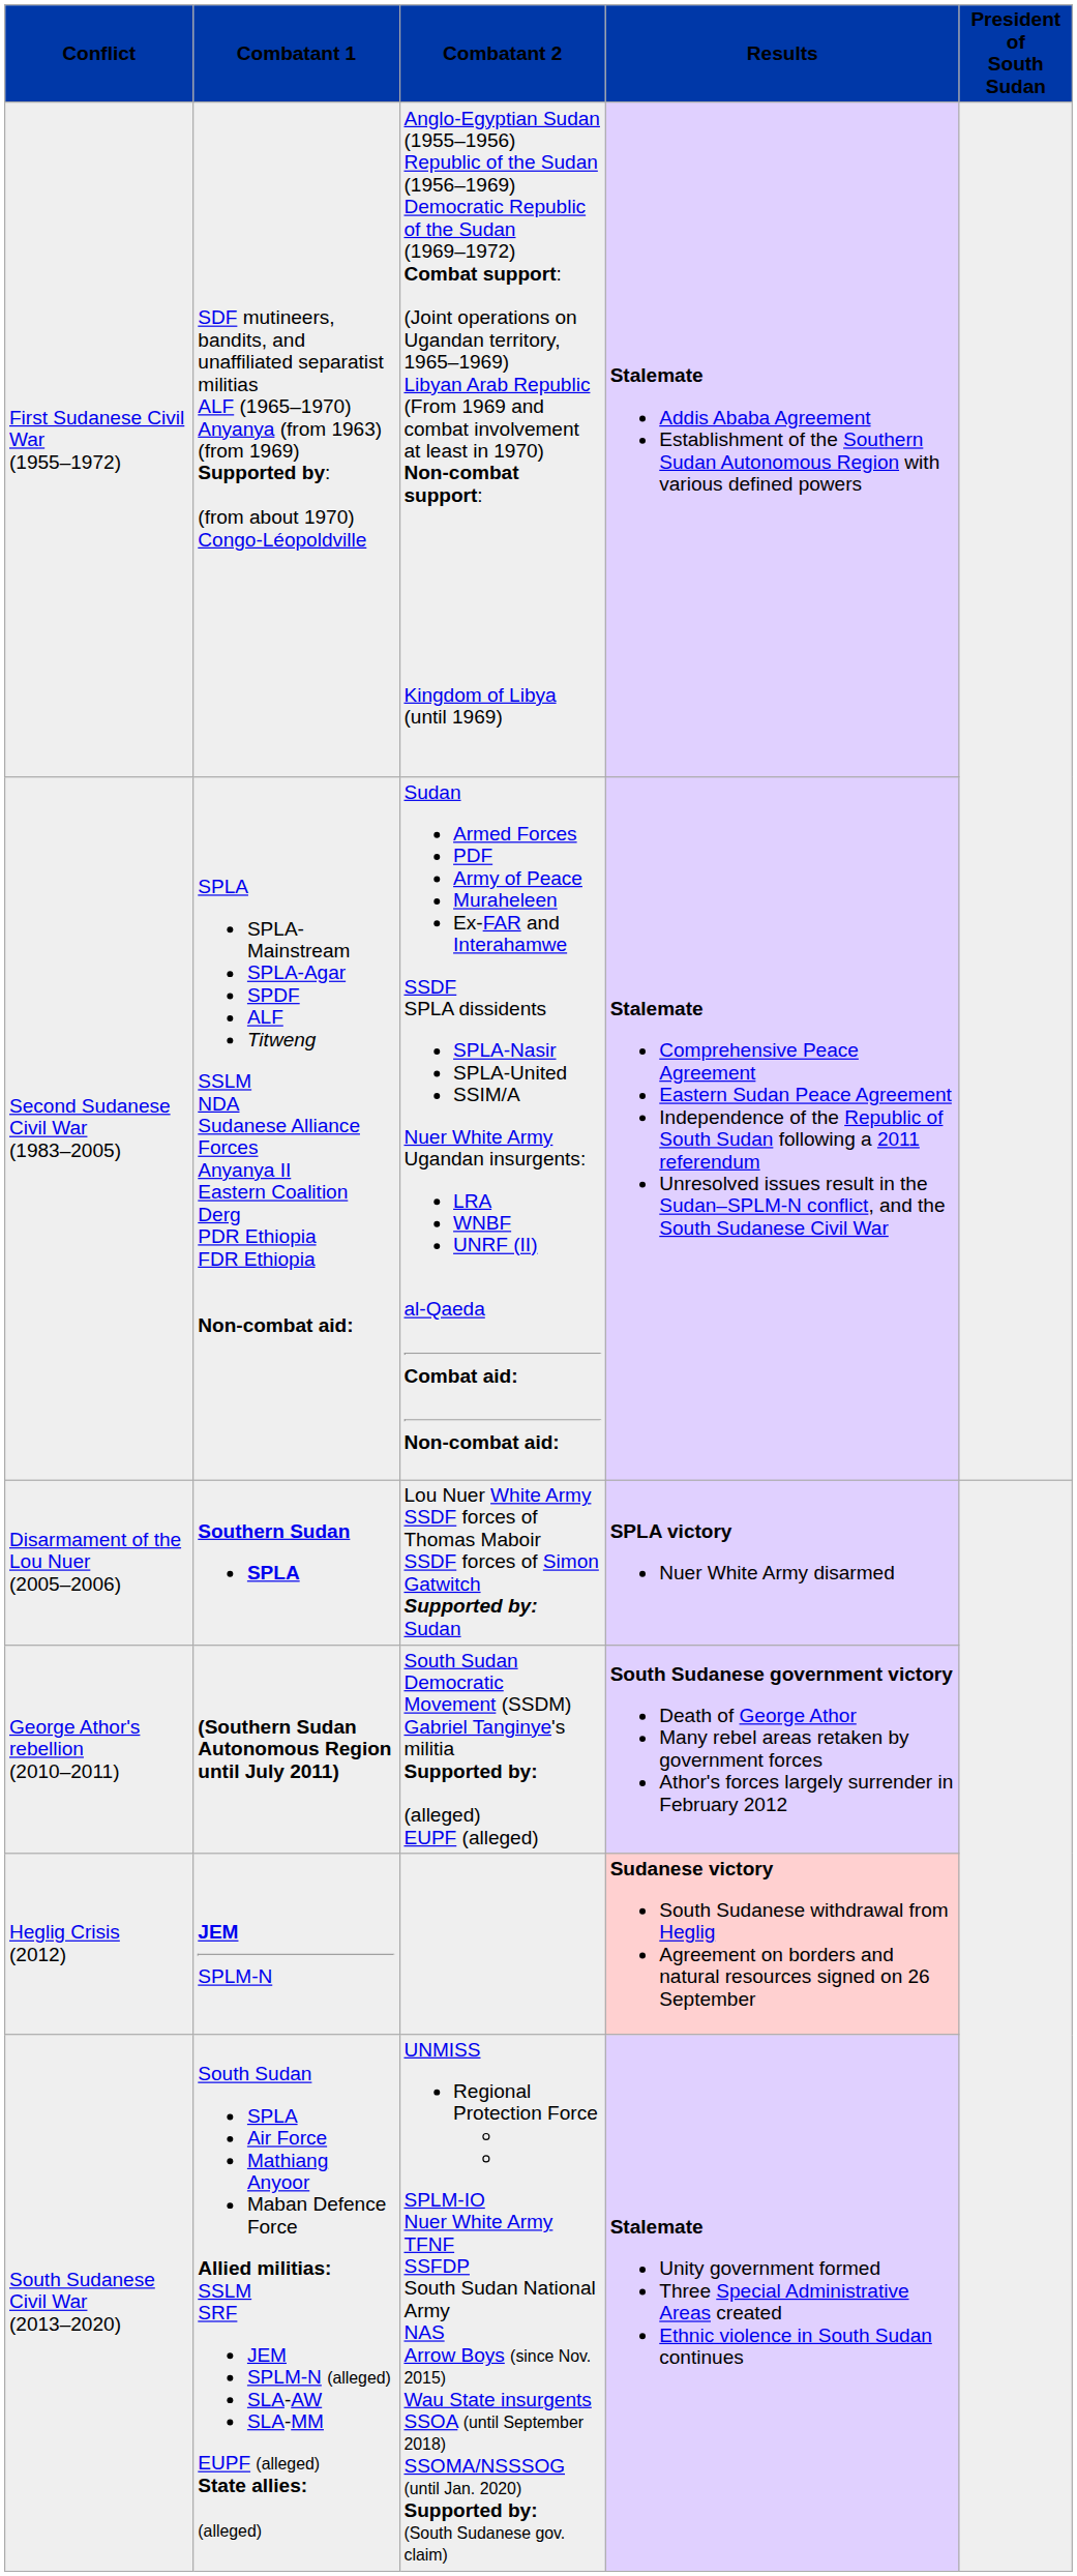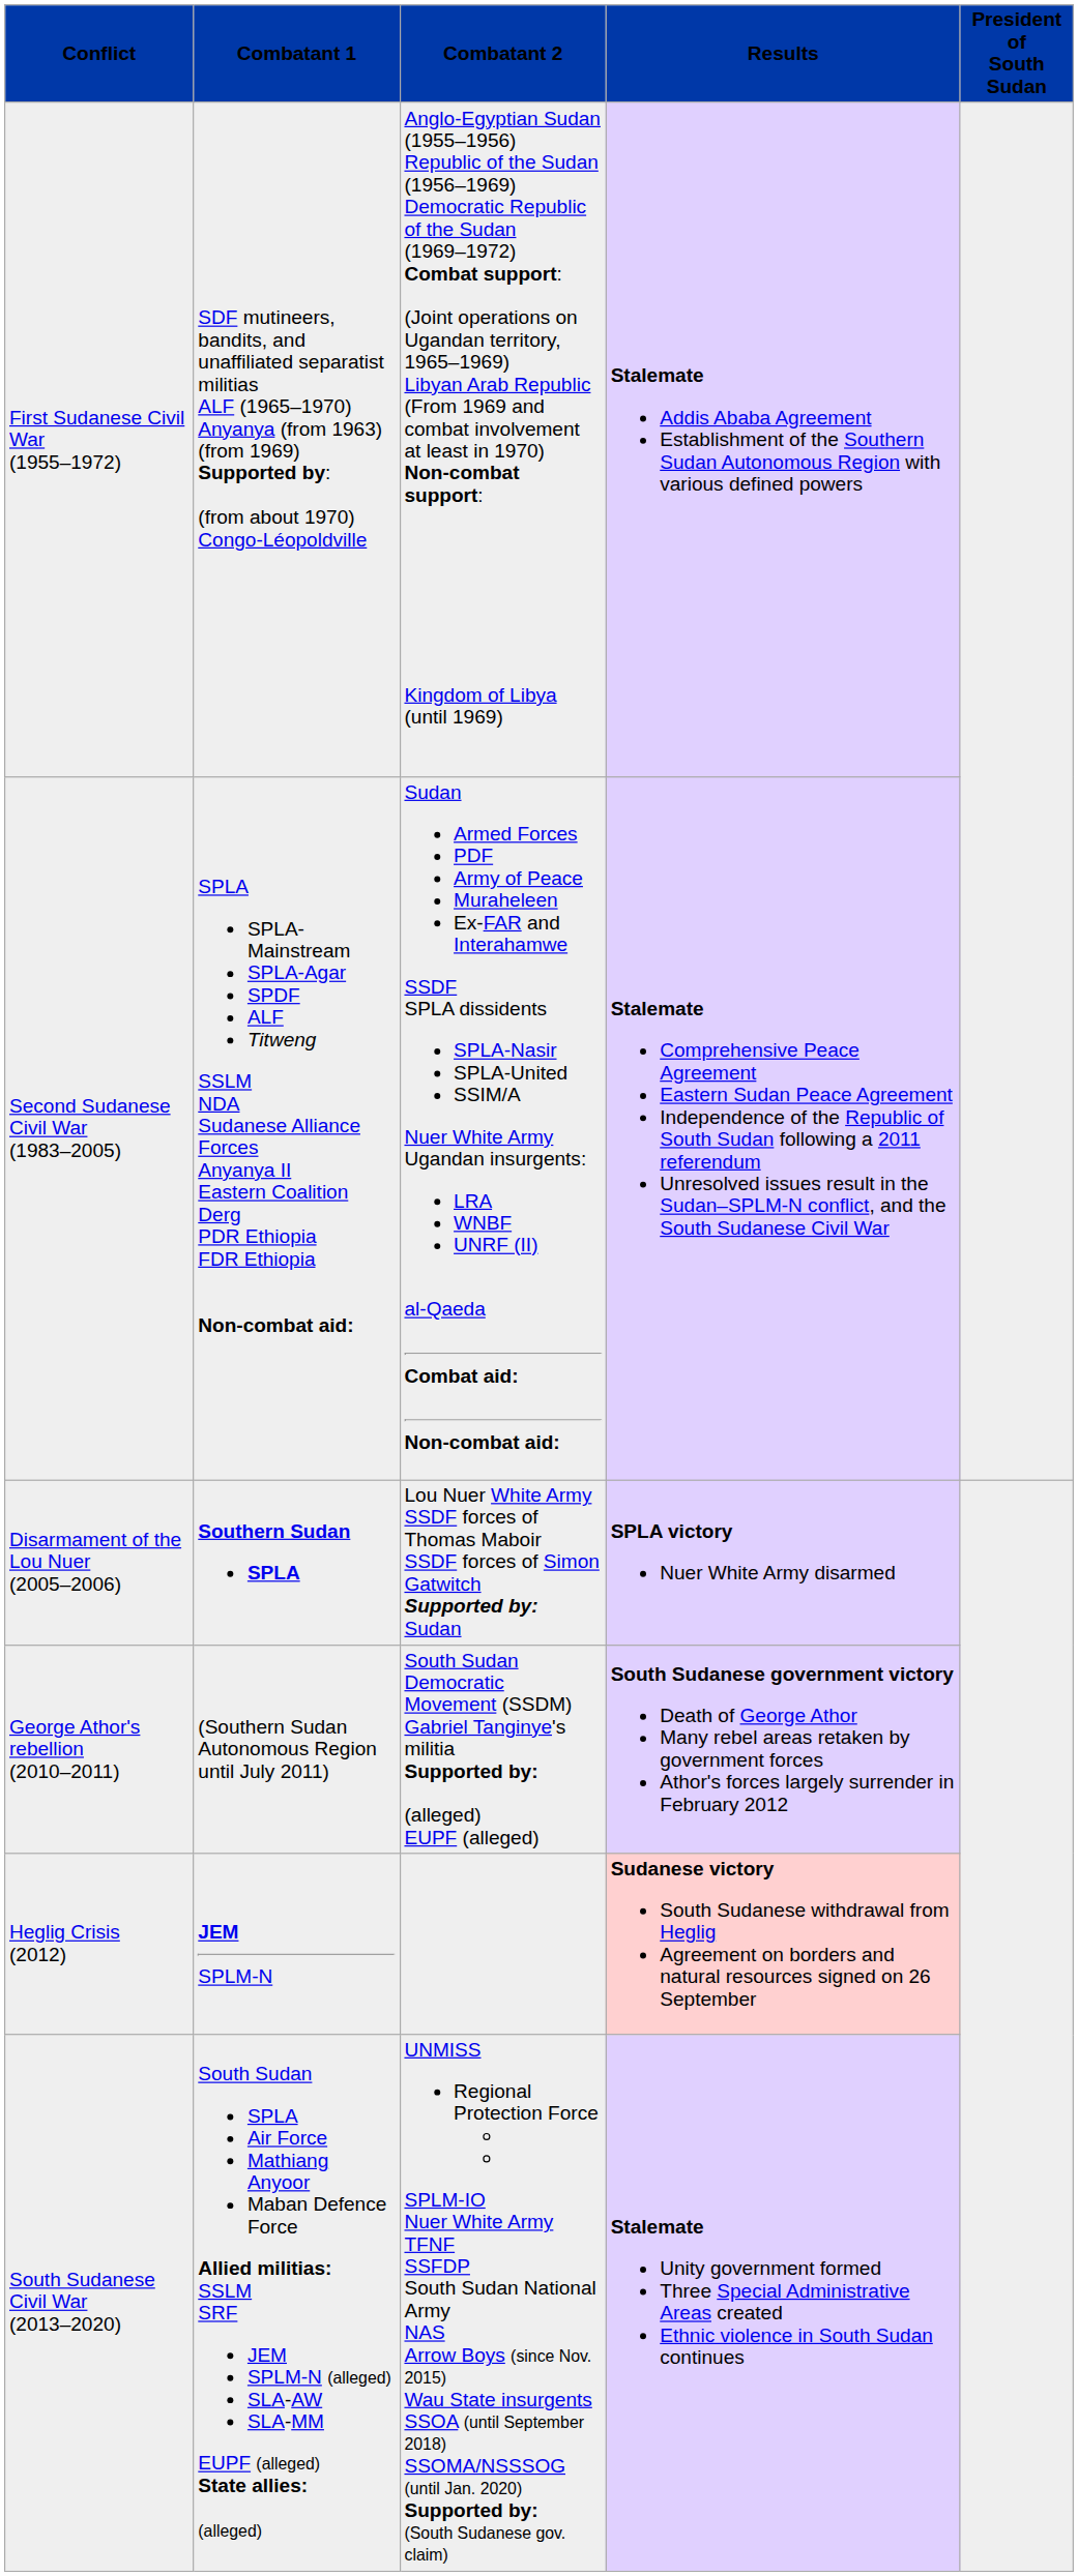 <table class="wikitable">
 <tr>
 <th style="background:#0038A8" rowspan="1"><span>Conflict</span></th>
 <th style="background:#0038A8" rowspan="1" width=160px><span>Combatant 1</span></th>
 <th style="background:#0038A8" rowspan="1" width=160px><span>Combatant 2</span></th>
 <th style="background:#0038A8" rowspan="1" width=280px><span>Results</span></th>
 <th style="background:#0038A8" rowspan="1" width=><span>President of<br>South Sudan</span></th>
 </tr>
 <tr>
 <td style="background:#efefef"><a href='#'>First Sudanese Civil War</a> <br> (1955–1972)</td>
 <td style="background:#efefef"> <a href='#'>SDF</a> mutineers, bandits, and unaffiliated separatist militias<br> <a href='#'>ALF</a> (1965–1970)<br> <a href='#'>Anyanya</a> (from 1963)<br> (from 1969) <br><strong>Supported by</strong>:<br><br> (from about 1970)<br> <a href='#'>Congo-Léopoldville</a><br><br></td>
 <td style="background:#efefef"> <a href='#'>Anglo-Egyptian Sudan</a><br>(1955–1956)<br> <a href='#'>Republic of the Sudan</a><br>(1956–1969)<br> <a href='#'>Democratic Republic of the Sudan</a><br>(1969–1972)<br><strong>Combat support</strong>:<br><br>(Joint operations on Ugandan territory, 1965–1969)<br> <a href='#'>Libyan Arab Republic</a><br>(From 1969 and combat involvement at least in 1970)<br><strong>Non-combat support</strong>:<br><br><br><br><br><br><br><br><br> <a href='#'>Kingdom of Libya</a> (until 1969)<br><br><br></td>
 <td style="background:#E0D0FF"><strong>Stalemate</strong><br><ul><li><a href='#'>Addis Ababa Agreement</a></li><li>Establishment of the <a href='#'>Southern Sudan Autonomous Region</a> with various defined powers</li></ul></td>
 <td style="background:#efefef" rowspan=2></td>
 </tr>
 <tr>
 <td style="background:#efefef"><a href='#'>Second Sudanese Civil War</a> <br> (1983–2005)</td>
 <td style="background:#efefef"> <a href='#'>SPLA</a><br><ul><li>SPLA-Mainstream</li><li><a href='#'>SPLA-Agar</a></li><li><a href='#'>SPDF</a></li><li><a href='#'>ALF</a></li><li><em>Titweng</em></li></ul> <a href='#'>SSLM</a><br><a href='#'>NDA</a><br><a href='#'>Sudanese Alliance Forces</a><br> <a href='#'>Anyanya II</a><br> <a href='#'>Eastern Coalition</a><br> <a href='#'>Derg</a> <br> <a href='#'>PDR Ethiopia</a> <br> <a href='#'>FDR Ethiopia</a> <br> <br> <br><strong>Non-combat aid:</strong><br> <br><br> </td>
 <td style="background:#efefef"> <a href='#'>Sudan</a><br><ul><li><a href='#'>Armed Forces</a></li><li><a href='#'>PDF</a></li><li><a href='#'>Army of Peace</a></li><li><a href='#'>Muraheleen</a></li><li> Ex-<a href='#'>FAR</a> and <a href='#'>Interahamwe</a></li></ul> <a href='#'>SSDF</a><br> SPLA dissidents<ul><li><a href='#'>SPLA-Nasir</a></li><li>SPLA-United</li><li>SSIM/A</li></ul> <a href='#'>Nuer White Army</a><br> Ugandan insurgents:<ul><li><a href='#'>LRA</a></li><li><a href='#'>WNBF</a></li><li><a href='#'>UNRF (II)</a></li></ul> <br> <a href='#'>al-Qaeda</a> <br><br> <hr><strong>Combat aid:</strong><br> <br> <hr><strong>Non-combat aid:</strong><br><br> </td>
 <td style="background:#E0D0FF"><strong>Stalemate</strong><br><ul><li><a href='#'>Comprehensive Peace Agreement</a></li><li><a href='#'>Eastern Sudan Peace Agreement</a></li><li>Independence of the <a href='#'>Republic of South Sudan</a> following a <a href='#'>2011 referendum</a></li><li>Unresolved issues result in the <a href='#'>Sudan–SPLM-N conflict</a>, and the <a href='#'>South Sudanese Civil War</a></li></ul></td>
 </tr>
 <tr>
 <td style="background:#efefef"><a href='#'>Disarmament of the Lou Nuer</a> <br> (2005–2006)</td>
 <td style="background:#efefef"><strong> <a href='#'>Southern Sudan</a><br><ul><li> <a href='#'>SPLA</a></li></ul></strong></td>
 <td style="background:#efefef"> Lou Nuer <a href='#'>White Army</a><br> <a href='#'>SSDF</a> forces of Thomas Maboir<br> <a href='#'>SSDF</a> forces of <a href='#'>Simon Gatwitch</a><br> <strong><em>Supported by:</em></strong> <br> <a href='#'>Sudan</a></td>
 <td style="background:#E0D0FF"><strong>SPLA victory</strong><br><ul><li>Nuer White Army disarmed</li></ul></td>
 <td style="background:#efefef" rowspan=4></td>
 </tr>
 <tr>
 <td style="background:#efefef"><a href='#'>George Athor's rebellion</a> <br> (2010–2011)</td>
-<td style="background:#efefef"><strong> (Southern Sudan Autonomous Region until July 2011)</strong></td>
+<td style="background:#efefef"> (Southern Sudan Autonomous Region until July 2011)</td>
 <td style="background:#efefef"><a href='#'>South Sudan Democratic Movement</a> (SSDM)<br><a href='#'>Gabriel Tanginye</a>'s militia<br><strong>Supported by:</strong><br><br> (alleged)<br> <a href='#'>EUPF</a> (alleged)</td>
 <td style="background:#E0D0FF"><strong>South Sudanese government victory</strong><br><ul><li>Death of <a href='#'>George Athor</a></li><li>Many rebel areas retaken by government forces</li><li>Athor's forces largely surrender in February 2012</li></ul></td>
 </tr>
 <tr>
 <td style="background:#efefef"><a href='#'>Heglig Crisis</a> <br> (2012)</td>
 <td style="background:#efefef"><br> <strong><a href='#'>JEM</a></strong><hr> <a href='#'>SPLM-N</a></td>
 <td style="background:#efefef"></td>
 <td style="background:#FFD0D0"><strong>Sudanese victory</strong><br><ul><li>South Sudanese withdrawal from <a href='#'>Heglig</a></li><li>Agreement on borders and natural resources signed on 26 September</li></ul></td>
 </tr>
 <tr>
 <td style="background:#efefef"><a href='#'>South Sudanese Civil War</a> <br> (2013–2020)</td>
 <td style="background:#efefef">  <a href='#'>South Sudan</a><br><ul><li> <a href='#'>SPLA</a></li><li><a href='#'>Air Force</a></li><li><a href='#'>Mathiang Anyoor</a></li><li>Maban Defence Force</li></ul><strong>Allied militias:</strong><br> <a href='#'>SSLM</a><br> <a href='#'>SRF</a><ul><li> <a href='#'>JEM</a></li><li> <a href='#'>SPLM-N</a> <small>(alleged)</small></li><li> <a href='#'>SLA</a>-<a href='#'>AW</a></li><li> <a href='#'>SLA</a>-<a href='#'>MM</a></li></ul> <a href='#'>EUPF</a> <small>(alleged)</small><br><strong>State allies:</strong><br><br> <small>(alleged)</small></td>
 <td style="background:#efefef"> <a href='#'>UNMISS</a><br><ul><li> Regional Protection Force<ul><li></li><li></li></ul></li></ul> <a href='#'>SPLM-IO</a><br>  <a href='#'>Nuer White Army</a><br>  <a href='#'>TFNF</a><br><a href='#'>SSFDP</a><br> South Sudan National Army<br> <a href='#'>NAS</a><br> <a href='#'>Arrow Boys</a> <small>(since Nov. 2015)</small><br>  <a href='#'>Wau State insurgents</a><br>  <a href='#'>SSOA</a> <small>(until September 2018)</small><br>  <a href='#'>SSOMA/NSSSOG</a> <small>(until Jan. 2020)</small><br> <strong>Supported by:</strong><br>  <small>(South Sudanese gov. claim)</small></td>
 <td style="background:#E0D0FF"><strong>Stalemate</strong><br><ul><li>Unity government formed</li><li>Three <a href='#'>Special Administrative Areas</a> created</li><li><a href='#'>Ethnic violence in South Sudan</a> continues</li></ul></td>
 </tr>
 </table>
